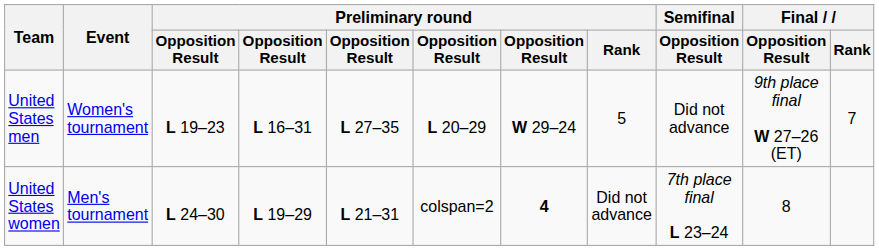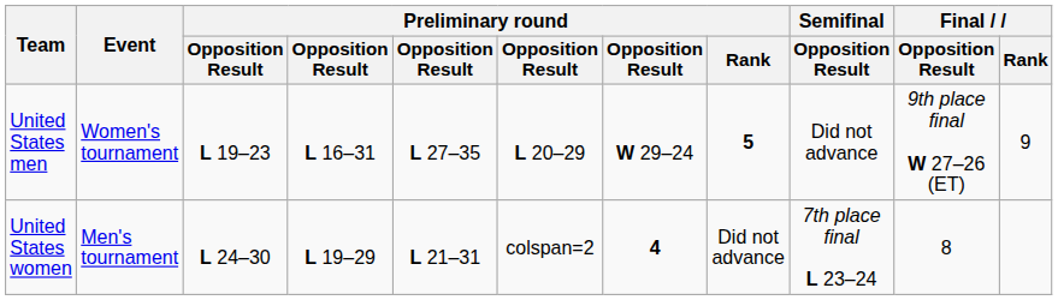 <table class=wikitable style=font-size:90%;text-align:center>
 <tr>
 <th rowspan=2>Team</th>
 <th rowspan=2>Event</th>
 <th colspan=6>Preliminary round</th>
 <th>Semifinal</th>
 <th colspan=2>Final /  / </th>
 </tr>
 <tr style=font-size:95%>
 <th>Opposition<br>Result</th>
 <th>Opposition<br>Result</th>
 <th>Opposition<br>Result</th>
 <th>Opposition<br>Result</th>
 <th>Opposition<br>Result</th>
 <th>Rank</th>
 <th>Opposition<br>Result</th>
 <th>Opposition<br>Result</th>
 <th>Rank</th>
 </tr>
 <tr>
 <td align=left><a href='#'>United States men</a></td>
 <td align=left><a href='#'>Women's tournament</a></td>
 <td><br><strong>L</strong> 19–23</td>
 <td><br><strong>L</strong> 16–31</td>
 <td><br><strong>L</strong> 27–35</td>
 <td><br><strong>L</strong> 20–29</td>
 <td><br><strong>W</strong> 29–24</td>
-<td>5</td>
+<td><strong>5</strong></td>
 <td>Did not advance</td>
 <td><em>9th place final</em><br><br><strong>W</strong> 27–26 (ET)</td>
-<td>7</td>
+<td>9</td>
 </tr>
 <tr>
 <td align=left><a href='#'>United States women</a></td>
 <td align=left><a href='#'>Men's tournament</a></td>
 <td><br><strong>L</strong> 24–30</td>
 <td><br><strong>L</strong> 19–29</td>
 <td><br><strong>L</strong> 21–31</td>
 <td>colspan=2 </td>
 <td><strong>4</strong></td>
 <td>Did not advance</td>
 <td><em>7th place final</em><br><br><strong>L</strong> 23–24</td>
 <td>8</td>
 </tr>
 </table>
